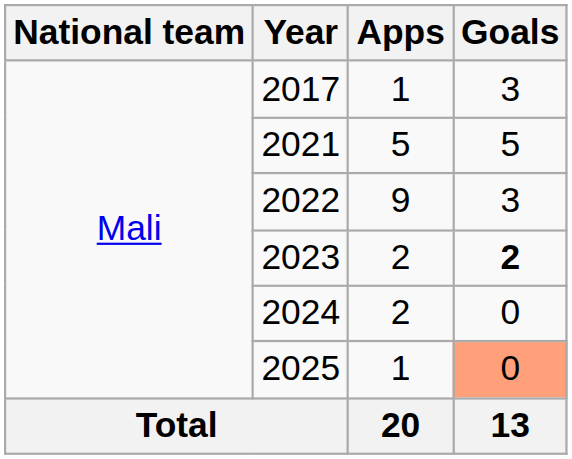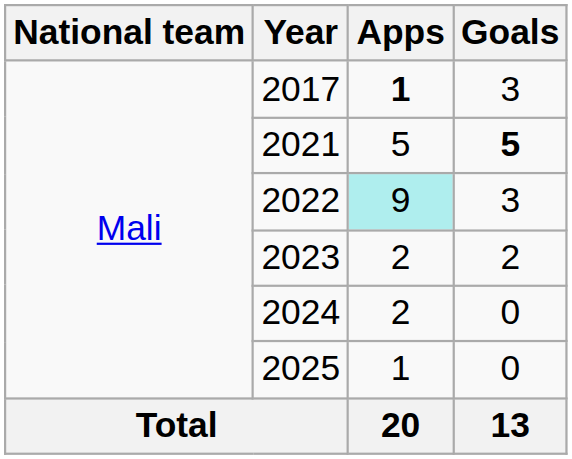 <table class="wikitable" style="text-align: center">
 <tr>
 <th>National team</th>
 <th>Year</th>
 <th>Apps</th>
 <th>Goals</th>
 </tr>
 <tr>
 <td rowspan="6"><a href='#'>Mali</a></td>
 <td>2017</td>
-<td>1</td>
+<td><strong>1</strong></td>
 <td>3</td>
 </tr>
 <tr>
 <td>2021</td>
 <td>5</td>
-<td>5</td>
+<td><strong>5</strong></td>
 </tr>
 <tr>
 <td>2022</td>
-<td>9</td>
+<td style="background: paleturquoise;">9</td>
 <td>3</td>
 </tr>
 <tr>
 <td>2023</td>
 <td>2</td>
-<td><strong>2</strong></td>
+<td>2</td>
 </tr>
 <tr>
 <td>2024</td>
 <td>2</td>
 <td>0</td>
 </tr>
 <tr>
 <td>2025</td>
 <td>1</td>
-<td style="background: lightsalmon;">0</td>
+<td>0</td>
 </tr>
 <tr>
 <th colspan="2">Total</th>
 <th>20</th>
 <th>13</th>
 </tr>
 </table>
